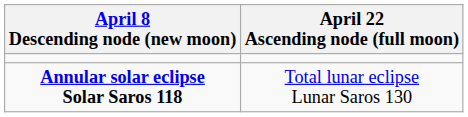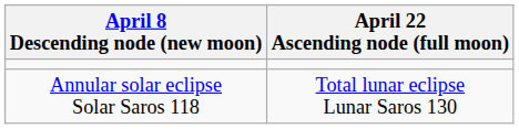 <table class="wikitable">
 <tr>
 <th><a href='#'>April 8</a><br>Descending node (new moon)</th>
 <th>April 22<br>Ascending node (full moon)</th>
 </tr>
 <tr>
 <td></td>
 <td></td>
 </tr>
 <tr align=center>
-<td><strong><a href='#'>Annular solar eclipse</a><br>Solar Saros 118</strong></td>
+<td><a href='#'>Annular solar eclipse</a><br>Solar Saros 118</td>
 <td><a href='#'>Total lunar eclipse</a><br>Lunar Saros 130</td>
 </tr>
 </table>
